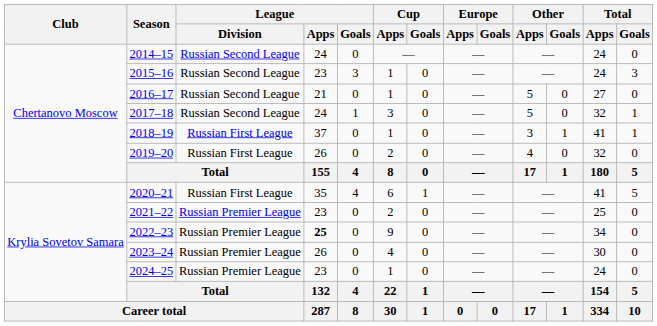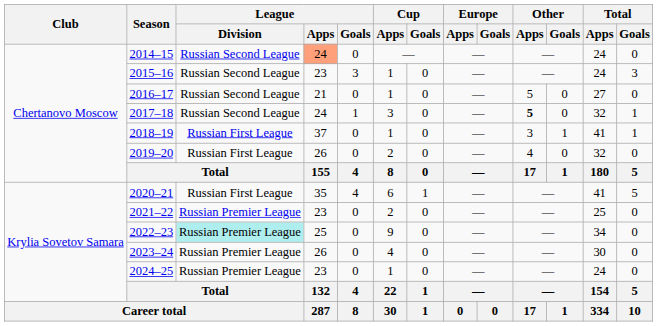 <table class="wikitable" style="text-align: center;">
 <tr>
 <th rowspan="2">Club</th>
 <th rowspan="2">Season</th>
 <th colspan="3">League</th>
 <th colspan="2">Cup</th>
 <th colspan="2">Europe</th>
 <th colspan="2">Other</th>
 <th colspan="2">Total</th>
 </tr>
 <tr>
 <th>Division</th>
 <th>Apps</th>
 <th>Goals</th>
 <th>Apps</th>
 <th>Goals</th>
 <th>Apps</th>
 <th>Goals</th>
 <th>Apps</th>
 <th>Goals</th>
 <th>Apps</th>
 <th>Goals</th>
 </tr>
 <tr>
 <td rowspan="7"><a href='#'>Chertanovo Moscow</a></td>
 <td><a href='#'>2014–15</a></td>
 <td><a href='#'>Russian Second League</a></td>
-<td>24</td>
+<td style="background: lightsalmon;">24</td>
 <td>0</td>
 <td colspan="2">—</td>
 <td colspan="2">—</td>
 <td colspan="2">—</td>
 <td>24</td>
 <td>0</td>
 </tr>
 <tr>
 <td><a href='#'>2015–16</a></td>
 <td>Russian Second League</td>
 <td>23</td>
 <td>3</td>
 <td>1</td>
 <td>0</td>
 <td colspan="2">—</td>
 <td colspan="2">—</td>
 <td>24</td>
 <td>3</td>
 </tr>
 <tr>
 <td><a href='#'>2016–17</a></td>
 <td>Russian Second League</td>
 <td>21</td>
 <td>0</td>
 <td>1</td>
 <td>0</td>
 <td colspan="2">—</td>
 <td>5</td>
 <td>0</td>
 <td>27</td>
 <td>0</td>
 </tr>
 <tr>
 <td><a href='#'>2017–18</a></td>
 <td>Russian Second League</td>
 <td>24</td>
 <td>1</td>
 <td>3</td>
 <td>0</td>
 <td colspan="2">—</td>
-<td>5</td>
+<td><strong>5</strong></td>
 <td>0</td>
 <td>32</td>
 <td>1</td>
 </tr>
 <tr>
 <td><a href='#'>2018–19</a></td>
 <td><a href='#'>Russian First League</a></td>
 <td>37</td>
 <td>0</td>
 <td>1</td>
 <td>0</td>
 <td colspan="2">—</td>
 <td>3</td>
 <td>1</td>
 <td>41</td>
 <td>1</td>
 </tr>
 <tr>
 <td><a href='#'>2019–20</a></td>
 <td>Russian First League</td>
 <td>26</td>
 <td>0</td>
 <td>2</td>
 <td>0</td>
 <td colspan="2">—</td>
 <td>4</td>
 <td>0</td>
 <td>32</td>
 <td>0</td>
 </tr>
 <tr>
 <th colspan="2">Total</th>
 <th>155</th>
 <th>4</th>
 <th>8</th>
 <th>0</th>
 <th colspan="2">—</th>
 <th>17</th>
 <th>1</th>
 <th>180</th>
 <th>5</th>
 </tr>
 <tr>
 <td rowspan="6"><a href='#'>Krylia Sovetov Samara</a></td>
 <td><a href='#'>2020–21</a></td>
 <td>Russian First League</td>
 <td>35</td>
 <td>4</td>
 <td>6</td>
 <td>1</td>
 <td colspan="2">—</td>
 <td colspan="2">—</td>
 <td>41</td>
 <td>5</td>
 </tr>
 <tr>
 <td><a href='#'>2021–22</a></td>
 <td><a href='#'>Russian Premier League</a></td>
 <td>23</td>
 <td>0</td>
 <td>2</td>
 <td>0</td>
 <td colspan="2">—</td>
 <td colspan="2">—</td>
 <td>25</td>
 <td>0</td>
 </tr>
 <tr>
 <td><a href='#'>2022–23</a></td>
-<td>Russian Premier League</td>
-<td><strong>25</strong></td>
+<td style="background: paleturquoise;">Russian Premier League</td>
+<td>25</td>
 <td>0</td>
 <td>9</td>
 <td>0</td>
 <td colspan="2">—</td>
 <td colspan="2">—</td>
 <td>34</td>
 <td>0</td>
 </tr>
 <tr>
 <td><a href='#'>2023–24</a></td>
 <td>Russian Premier League</td>
 <td>26</td>
 <td>0</td>
 <td>4</td>
 <td>0</td>
 <td colspan="2">—</td>
 <td colspan="2">—</td>
 <td>30</td>
 <td>0</td>
 </tr>
 <tr>
 <td><a href='#'>2024–25</a></td>
 <td>Russian Premier League</td>
 <td>23</td>
 <td>0</td>
 <td>1</td>
 <td>0</td>
 <td colspan="2">—</td>
 <td colspan="2">—</td>
 <td>24</td>
 <td>0</td>
 </tr>
 <tr>
 <th colspan="2">Total</th>
 <th>132</th>
 <th>4</th>
 <th>22</th>
 <th>1</th>
 <th colspan="2">—</th>
 <th colspan="2">—</th>
 <th>154</th>
 <th>5</th>
 </tr>
 <tr>
 <th colspan="3">Career total</th>
 <th>287</th>
 <th>8</th>
 <th>30</th>
 <th>1</th>
 <th>0</th>
 <th>0</th>
 <th>17</th>
 <th>1</th>
 <th>334</th>
 <th>10</th>
 </tr>
 </table>
